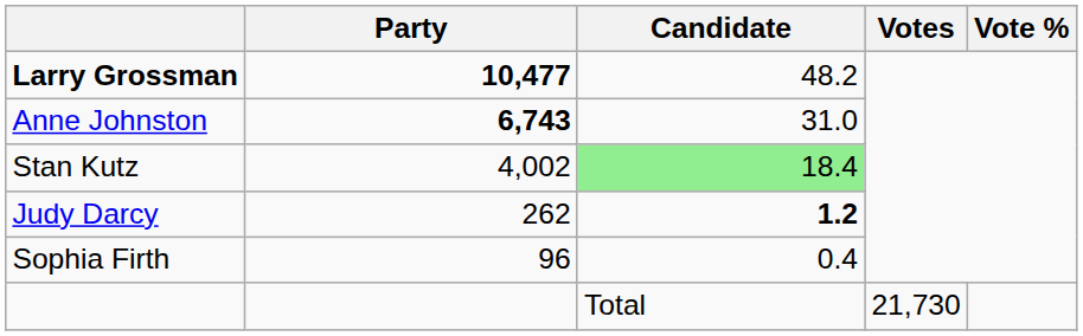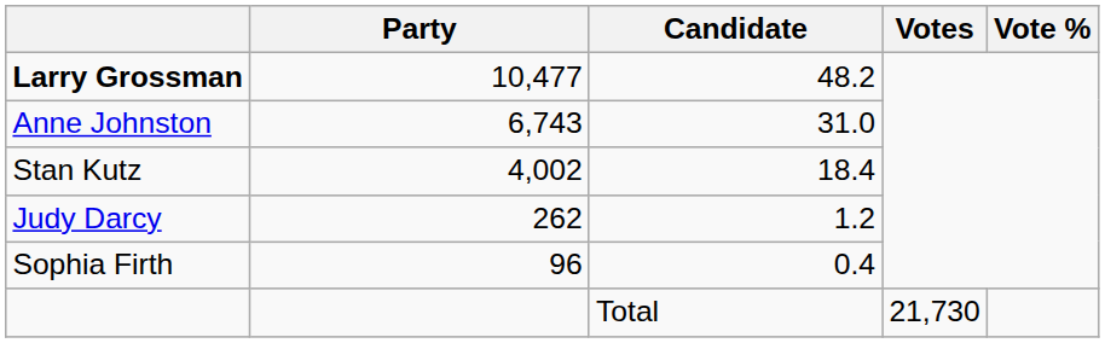 <table class="wikitable">
 <tr>
 <th></th>
 <th scope="col" width="175">Party</th>
 <th scope="col" width="150">Candidate</th>
 <th>Votes</th>
 <th>Vote %</th>
 </tr>
 <tr>
 <td><strong>Larry Grossman</strong></td>
-<td align=right><strong>10,477</strong></td>
+<td align=right>10,477</td>
 <td align=right>48.2</td>
 </tr>
 <tr |>
 <td><a href='#'>Anne Johnston</a></td>
-<td align=right><strong>6,743</strong></td>
+<td align=right>6,743</td>
 <td align=right>31.0</td>
 </tr>
 <tr |>
 <td>Stan Kutz</td>
 <td align=right>4,002</td>
-<td align=right style="background: lightgreen;">18.4</td>
+<td align=right>18.4</td>
 </tr>
 <tr |>
 <td><a href='#'>Judy Darcy</a></td>
 <td align=right>262</td>
-<td align=right><strong>1.2<br></strong></td>
+<td align=right>1.2<br></td>
 </tr>
 <tr |>
 <td>Sophia Firth</td>
 <td align=right>96</td>
 <td align=right>0.4</td>
 </tr>
 <tr |>
 <td></td>
 <td></td>
 <td>Total</td>
 <td align=right>21,730</td>
 <td></td>
 </tr>
 </table>
